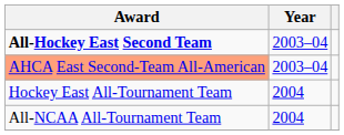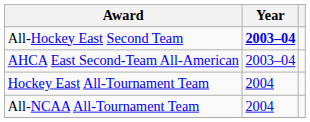 <table class="wikitable">
 <tr>
 <th>Award</th>
 <th>Year</th>
 <th></th>
 </tr>
 <tr>
-<td><strong>All-<a href='#'>Hockey East</a> <a href='#'>Second Team</a></strong></td>
-<td><a href='#'>2003–04</a></td>
+<td>All-<a href='#'>Hockey East</a> <a href='#'>Second Team</a></td>
+<td><strong><a href='#'>2003–04</a></strong></td>
 <td></td>
 </tr>
 <tr>
-<td style="background: lightsalmon;"><a href='#'>AHCA</a> <a href='#'>East Second-Team All-American</a></td>
+<td><a href='#'>AHCA</a> <a href='#'>East Second-Team All-American</a></td>
 <td><a href='#'>2003–04</a></td>
 <td></td>
 </tr>
 <tr>
 <td><a href='#'>Hockey East</a> <a href='#'>All-Tournament Team</a></td>
 <td><a href='#'>2004</a></td>
 <td></td>
 </tr>
 <tr>
 <td>All-<a href='#'>NCAA</a> <a href='#'>All-Tournament Team</a></td>
 <td><a href='#'>2004</a></td>
 <td></td>
 </tr>
 <tr>
 </tr>
 </table>
